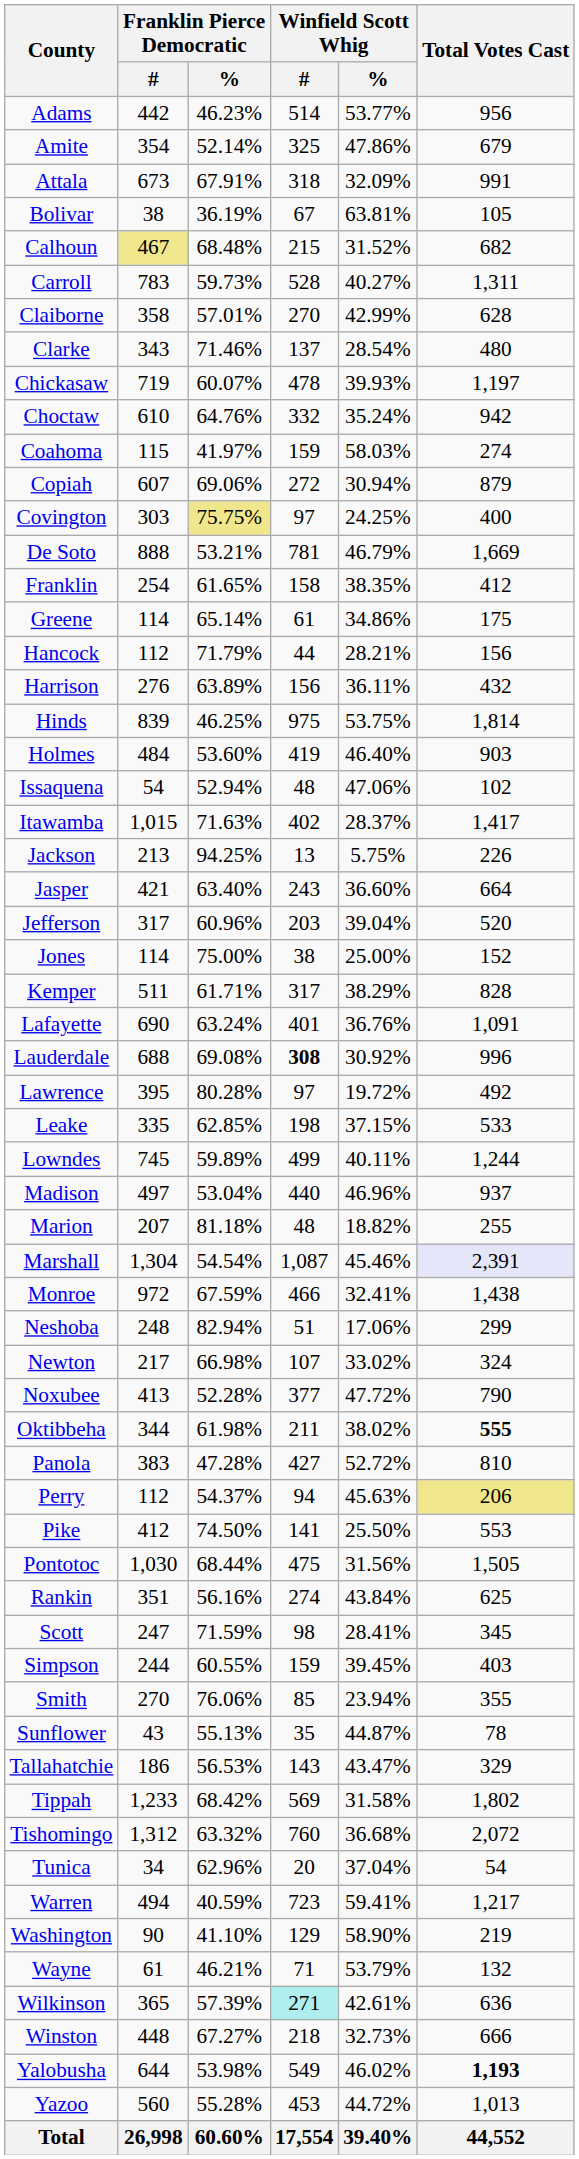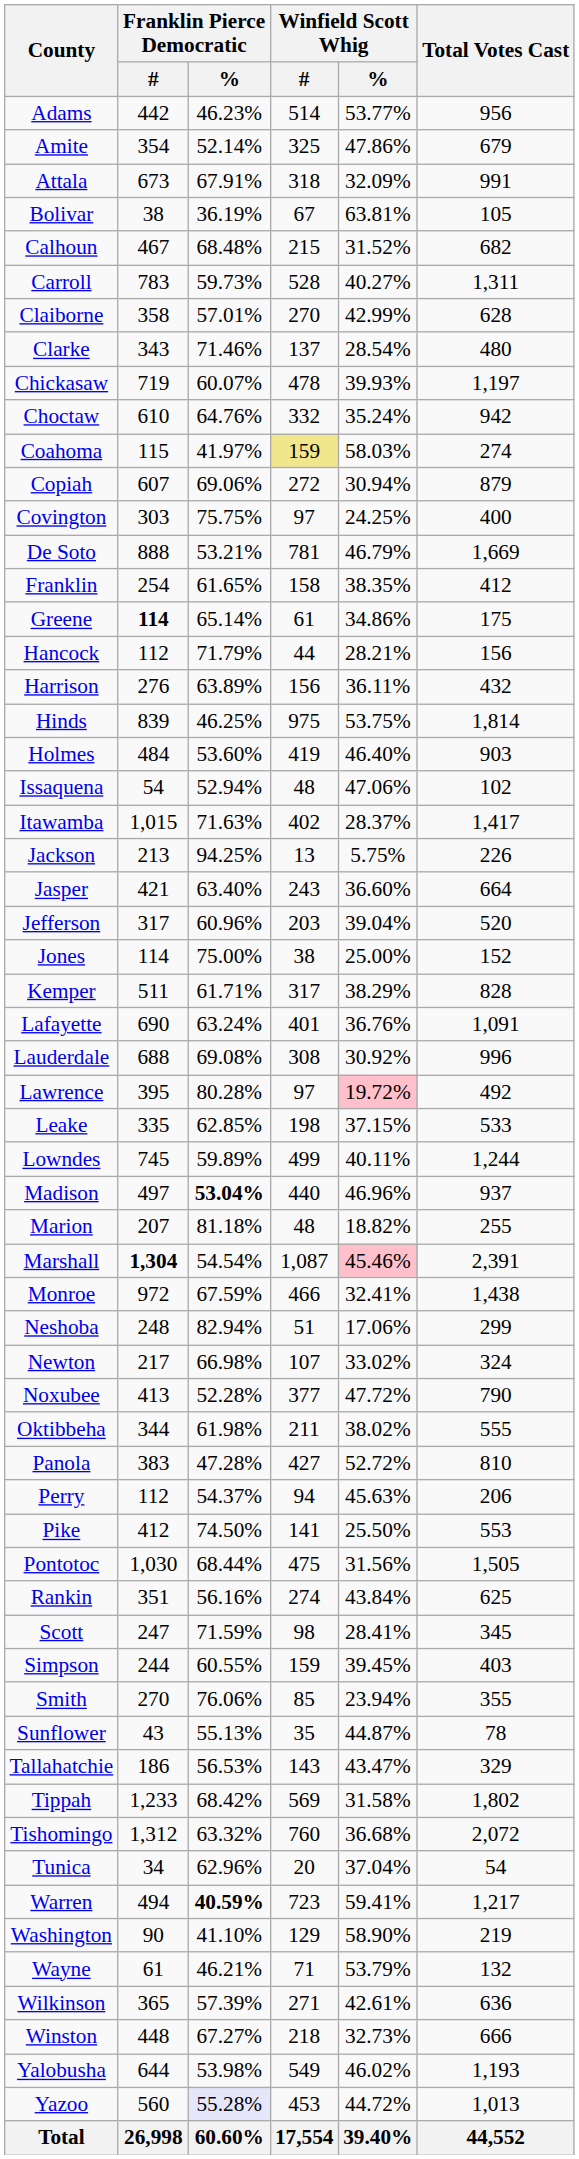 <table class="wikitable sortable">
 <tr>
 <th rowspan="2">County</th>
 <th colspan="2">Franklin Pierce<br>Democratic</th>
 <th colspan="2">Winfield Scott<br>Whig</th>
 <th rowspan="2">Total Votes Cast</th>
 </tr>
 <tr style="text-align:center;">
 <th>#</th>
 <th>%</th>
 <th>#</th>
 <th>%</th>
 </tr>
 <tr style="text-align:center;">
 <td><a href='#'>Adams</a></td>
 <td>442</td>
 <td>46.23%</td>
 <td>514</td>
 <td>53.77%</td>
 <td>956</td>
 </tr>
 <tr style="text-align:center;">
 <td><a href='#'>Amite</a></td>
 <td>354</td>
 <td>52.14%</td>
 <td>325</td>
 <td>47.86%</td>
 <td>679</td>
 </tr>
 <tr style="text-align:center;">
 <td><a href='#'>Attala</a></td>
 <td>673</td>
 <td>67.91%</td>
 <td>318</td>
 <td>32.09%</td>
 <td>991</td>
 </tr>
 <tr style="text-align:center;">
 <td><a href='#'>Bolivar</a></td>
 <td>38</td>
 <td>36.19%</td>
 <td>67</td>
 <td>63.81%</td>
 <td>105</td>
 </tr>
 <tr style="text-align:center;">
 <td><a href='#'>Calhoun</a></td>
-<td style="background: khaki;">467</td>
+<td>467</td>
 <td>68.48%</td>
 <td>215</td>
 <td>31.52%</td>
 <td>682</td>
 </tr>
 <tr style="text-align:center;">
 <td><a href='#'>Carroll</a></td>
 <td>783</td>
 <td>59.73%</td>
 <td>528</td>
 <td>40.27%</td>
 <td>1,311</td>
 </tr>
 <tr style="text-align:center;">
 <td><a href='#'>Claiborne</a></td>
 <td>358</td>
 <td>57.01%</td>
 <td>270</td>
 <td>42.99%</td>
 <td>628</td>
 </tr>
 <tr style="text-align:center;">
 <td><a href='#'>Clarke</a></td>
 <td>343</td>
 <td>71.46%</td>
 <td>137</td>
 <td>28.54%</td>
 <td>480</td>
 </tr>
 <tr style="text-align:center;">
 <td><a href='#'>Chickasaw</a></td>
 <td>719</td>
 <td>60.07%</td>
 <td>478</td>
 <td>39.93%</td>
 <td>1,197</td>
 </tr>
 <tr style="text-align:center;">
 <td><a href='#'>Choctaw</a></td>
 <td>610</td>
 <td>64.76%</td>
 <td>332</td>
 <td>35.24%</td>
 <td>942</td>
 </tr>
 <tr style="text-align:center;">
 <td><a href='#'>Coahoma</a></td>
 <td>115</td>
 <td>41.97%</td>
-<td>159</td>
+<td style="background: khaki;">159</td>
 <td>58.03%</td>
 <td>274</td>
 </tr>
 <tr style="text-align:center;">
 <td><a href='#'>Copiah</a></td>
 <td>607</td>
 <td>69.06%</td>
 <td>272</td>
 <td>30.94%</td>
 <td>879</td>
 </tr>
 <tr style="text-align:center;">
 <td><a href='#'>Covington</a></td>
 <td>303</td>
-<td style="background: khaki;">75.75%</td>
+<td>75.75%</td>
 <td>97</td>
 <td>24.25%</td>
 <td>400</td>
 </tr>
 <tr style="text-align:center;">
 <td><a href='#'>De Soto</a></td>
 <td>888</td>
 <td>53.21%</td>
 <td>781</td>
 <td>46.79%</td>
 <td>1,669</td>
 </tr>
 <tr style="text-align:center;">
 <td><a href='#'>Franklin</a></td>
 <td>254</td>
 <td>61.65%</td>
 <td>158</td>
 <td>38.35%</td>
 <td>412</td>
 </tr>
 <tr style="text-align:center;">
 <td><a href='#'>Greene</a></td>
-<td>114</td>
+<td><strong>114</strong></td>
 <td>65.14%</td>
 <td>61</td>
 <td>34.86%</td>
 <td>175</td>
 </tr>
 <tr style="text-align:center;">
 <td><a href='#'>Hancock</a></td>
 <td>112</td>
 <td>71.79%</td>
 <td>44</td>
 <td>28.21%</td>
 <td>156</td>
 </tr>
 <tr style="text-align:center;">
 <td><a href='#'>Harrison</a></td>
 <td>276</td>
 <td>63.89%</td>
 <td>156</td>
 <td>36.11%</td>
 <td>432</td>
 </tr>
 <tr style="text-align:center;">
 <td><a href='#'>Hinds</a></td>
 <td>839</td>
 <td>46.25%</td>
 <td>975</td>
 <td>53.75%</td>
 <td>1,814</td>
 </tr>
 <tr style="text-align:center;">
 <td><a href='#'>Holmes</a></td>
 <td>484</td>
 <td>53.60%</td>
 <td>419</td>
 <td>46.40%</td>
 <td>903</td>
 </tr>
 <tr style="text-align:center;">
 <td><a href='#'>Issaquena</a></td>
 <td>54</td>
 <td>52.94%</td>
 <td>48</td>
 <td>47.06%</td>
 <td>102</td>
 </tr>
 <tr style="text-align:center;">
 <td><a href='#'>Itawamba</a></td>
 <td>1,015</td>
 <td>71.63%</td>
 <td>402</td>
 <td>28.37%</td>
 <td>1,417</td>
 </tr>
 <tr style="text-align:center;">
 <td><a href='#'>Jackson</a></td>
 <td>213</td>
 <td>94.25%</td>
 <td>13</td>
 <td>5.75%</td>
 <td>226</td>
 </tr>
 <tr style="text-align:center;">
 <td><a href='#'>Jasper</a></td>
 <td>421</td>
 <td>63.40%</td>
 <td>243</td>
 <td>36.60%</td>
 <td>664</td>
 </tr>
 <tr style="text-align:center;">
 <td><a href='#'>Jefferson</a></td>
 <td>317</td>
 <td>60.96%</td>
 <td>203</td>
 <td>39.04%</td>
 <td>520</td>
 </tr>
 <tr style="text-align:center;">
 <td><a href='#'>Jones</a></td>
 <td>114</td>
 <td>75.00%</td>
 <td>38</td>
 <td>25.00%</td>
 <td>152</td>
 </tr>
 <tr style="text-align:center;">
 <td><a href='#'>Kemper</a></td>
 <td>511</td>
 <td>61.71%</td>
 <td>317</td>
 <td>38.29%</td>
 <td>828</td>
 </tr>
 <tr style="text-align:center;">
 <td><a href='#'>Lafayette</a></td>
 <td>690</td>
 <td>63.24%</td>
 <td>401</td>
 <td>36.76%</td>
 <td>1,091</td>
 </tr>
 <tr style="text-align:center;">
 <td><a href='#'>Lauderdale</a></td>
 <td>688</td>
 <td>69.08%</td>
-<td><strong>308</strong></td>
+<td>308</td>
 <td>30.92%</td>
 <td>996</td>
 </tr>
 <tr style="text-align:center;">
 <td><a href='#'>Lawrence</a></td>
 <td>395</td>
 <td>80.28%</td>
 <td>97</td>
-<td>19.72%</td>
+<td style="background: pink;">19.72%</td>
 <td>492</td>
 </tr>
 <tr style="text-align:center;">
 <td><a href='#'>Leake</a></td>
 <td>335</td>
 <td>62.85%</td>
 <td>198</td>
 <td>37.15%</td>
 <td>533</td>
 </tr>
 <tr style="text-align:center;">
 <td><a href='#'>Lowndes</a></td>
 <td>745</td>
 <td>59.89%</td>
 <td>499</td>
 <td>40.11%</td>
 <td>1,244</td>
 </tr>
 <tr style="text-align:center;">
 <td><a href='#'>Madison</a></td>
 <td>497</td>
-<td>53.04%</td>
+<td><strong>53.04%</strong></td>
 <td>440</td>
 <td>46.96%</td>
 <td>937</td>
 </tr>
 <tr style="text-align:center;">
 <td><a href='#'>Marion</a></td>
 <td>207</td>
 <td>81.18%</td>
 <td>48</td>
 <td>18.82%</td>
 <td>255</td>
 </tr>
 <tr style="text-align:center;">
 <td><a href='#'>Marshall</a></td>
-<td>1,304</td>
+<td><strong>1,304</strong></td>
 <td>54.54%</td>
 <td>1,087</td>
-<td>45.46%</td>
-<td style="background: lavender;">2,391</td>
+<td style="background: pink;">45.46%</td>
+<td>2,391</td>
 </tr>
 <tr style="text-align:center;">
 <td><a href='#'>Monroe</a></td>
 <td>972</td>
 <td>67.59%</td>
 <td>466</td>
 <td>32.41%</td>
 <td>1,438</td>
 </tr>
 <tr style="text-align:center;">
 <td><a href='#'>Neshoba</a></td>
 <td>248</td>
 <td>82.94%</td>
 <td>51</td>
 <td>17.06%</td>
 <td>299</td>
 </tr>
 <tr style="text-align:center;">
 <td><a href='#'>Newton</a></td>
 <td>217</td>
 <td>66.98%</td>
 <td>107</td>
 <td>33.02%</td>
 <td>324</td>
 </tr>
 <tr style="text-align:center;">
 <td><a href='#'>Noxubee</a></td>
 <td>413</td>
 <td>52.28%</td>
 <td>377</td>
 <td>47.72%</td>
 <td>790</td>
 </tr>
 <tr style="text-align:center;">
 <td><a href='#'>Oktibbeha</a></td>
 <td>344</td>
 <td>61.98%</td>
 <td>211</td>
 <td>38.02%</td>
-<td><strong>555</strong></td>
+<td>555</td>
 </tr>
 <tr style="text-align:center;">
 <td><a href='#'>Panola</a></td>
 <td>383</td>
 <td>47.28%</td>
 <td>427</td>
 <td>52.72%</td>
 <td>810</td>
 </tr>
 <tr style="text-align:center;">
 <td><a href='#'>Perry</a></td>
 <td>112</td>
 <td>54.37%</td>
 <td>94</td>
 <td>45.63%</td>
-<td style="background: khaki;">206</td>
+<td>206</td>
 </tr>
 <tr style="text-align:center;">
 <td><a href='#'>Pike</a></td>
 <td>412</td>
 <td>74.50%</td>
 <td>141</td>
 <td>25.50%</td>
 <td>553</td>
 </tr>
 <tr style="text-align:center;">
 <td><a href='#'>Pontotoc</a></td>
 <td>1,030</td>
 <td>68.44%</td>
 <td>475</td>
 <td>31.56%</td>
 <td>1,505</td>
 </tr>
 <tr style="text-align:center;">
 <td><a href='#'>Rankin</a></td>
 <td>351</td>
 <td>56.16%</td>
 <td>274</td>
 <td>43.84%</td>
 <td>625</td>
 </tr>
 <tr style="text-align:center;">
 <td><a href='#'>Scott</a></td>
 <td>247</td>
 <td>71.59%</td>
 <td>98</td>
 <td>28.41%</td>
 <td>345</td>
 </tr>
 <tr style="text-align:center;">
 <td><a href='#'>Simpson</a></td>
 <td>244</td>
 <td>60.55%</td>
 <td>159</td>
 <td>39.45%</td>
 <td>403</td>
 </tr>
 <tr style="text-align:center;">
 <td><a href='#'>Smith</a></td>
 <td>270</td>
 <td>76.06%</td>
 <td>85</td>
 <td>23.94%</td>
 <td>355</td>
 </tr>
 <tr style="text-align:center;">
 <td><a href='#'>Sunflower</a></td>
 <td>43</td>
 <td>55.13%</td>
 <td>35</td>
 <td>44.87%</td>
 <td>78</td>
 </tr>
 <tr style="text-align:center;">
 <td><a href='#'>Tallahatchie</a></td>
 <td>186</td>
 <td>56.53%</td>
 <td>143</td>
 <td>43.47%</td>
 <td>329</td>
 </tr>
 <tr style="text-align:center;">
 <td><a href='#'>Tippah</a></td>
 <td>1,233</td>
 <td>68.42%</td>
 <td>569</td>
 <td>31.58%</td>
 <td>1,802</td>
 </tr>
 <tr style="text-align:center;">
 <td><a href='#'>Tishomingo</a></td>
 <td>1,312</td>
 <td>63.32%</td>
 <td>760</td>
 <td>36.68%</td>
 <td>2,072</td>
 </tr>
 <tr style="text-align:center;">
 <td><a href='#'>Tunica</a></td>
 <td>34</td>
 <td>62.96%</td>
 <td>20</td>
 <td>37.04%</td>
 <td>54</td>
 </tr>
 <tr style="text-align:center;">
 <td><a href='#'>Warren</a></td>
 <td>494</td>
-<td>40.59%</td>
+<td><strong>40.59%</strong></td>
 <td>723</td>
 <td>59.41%</td>
 <td>1,217</td>
 </tr>
 <tr style="text-align:center;">
 <td><a href='#'>Washington</a></td>
 <td>90</td>
 <td>41.10%</td>
 <td>129</td>
 <td>58.90%</td>
 <td>219</td>
 </tr>
 <tr style="text-align:center;">
 <td><a href='#'>Wayne</a></td>
 <td>61</td>
 <td>46.21%</td>
 <td>71</td>
 <td>53.79%</td>
 <td>132</td>
 </tr>
 <tr style="text-align:center;">
 <td><a href='#'>Wilkinson</a></td>
 <td>365</td>
 <td>57.39%</td>
-<td style="background: paleturquoise;">271</td>
+<td>271</td>
 <td>42.61%</td>
 <td>636</td>
 </tr>
 <tr style="text-align:center;">
 <td><a href='#'>Winston</a></td>
 <td>448</td>
 <td>67.27%</td>
 <td>218</td>
 <td>32.73%</td>
 <td>666</td>
 </tr>
 <tr style="text-align:center;">
 <td><a href='#'>Yalobusha</a></td>
 <td>644</td>
 <td>53.98%</td>
 <td>549</td>
 <td>46.02%</td>
-<td><strong>1,193</strong></td>
+<td>1,193</td>
 </tr>
 <tr style="text-align:center;">
 <td><a href='#'>Yazoo</a></td>
 <td>560</td>
-<td>55.28%</td>
+<td style="background: lavender;">55.28%</td>
 <td>453</td>
 <td>44.72%</td>
 <td>1,013</td>
 </tr>
 <tr style="text-align:center;">
 <th>Total</th>
 <th>26,998</th>
 <th>60.60%</th>
 <th>17,554</th>
 <th>39.40%</th>
 <th>44,552</th>
 </tr>
 </table>
